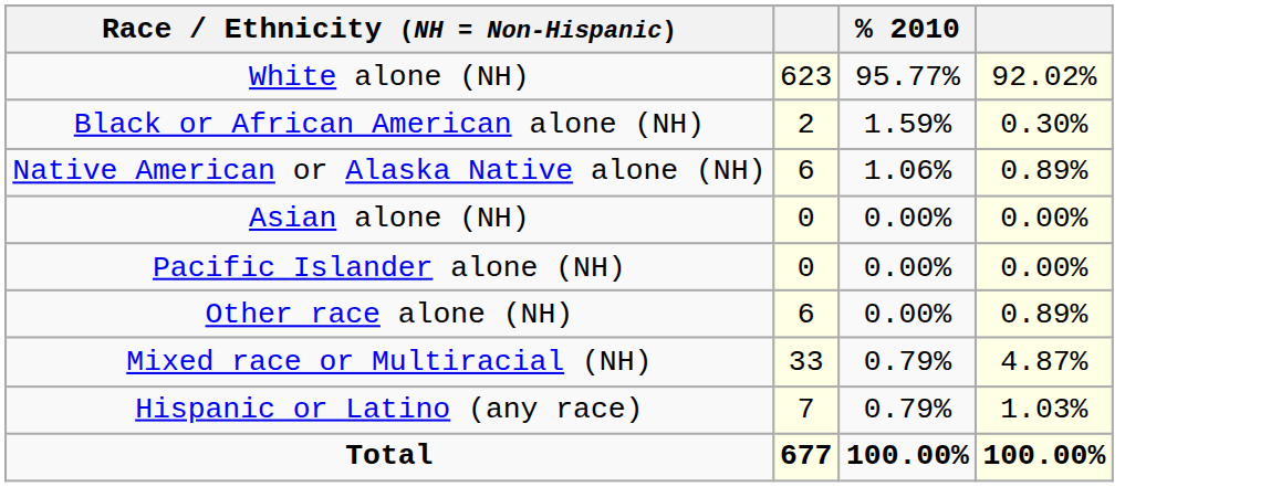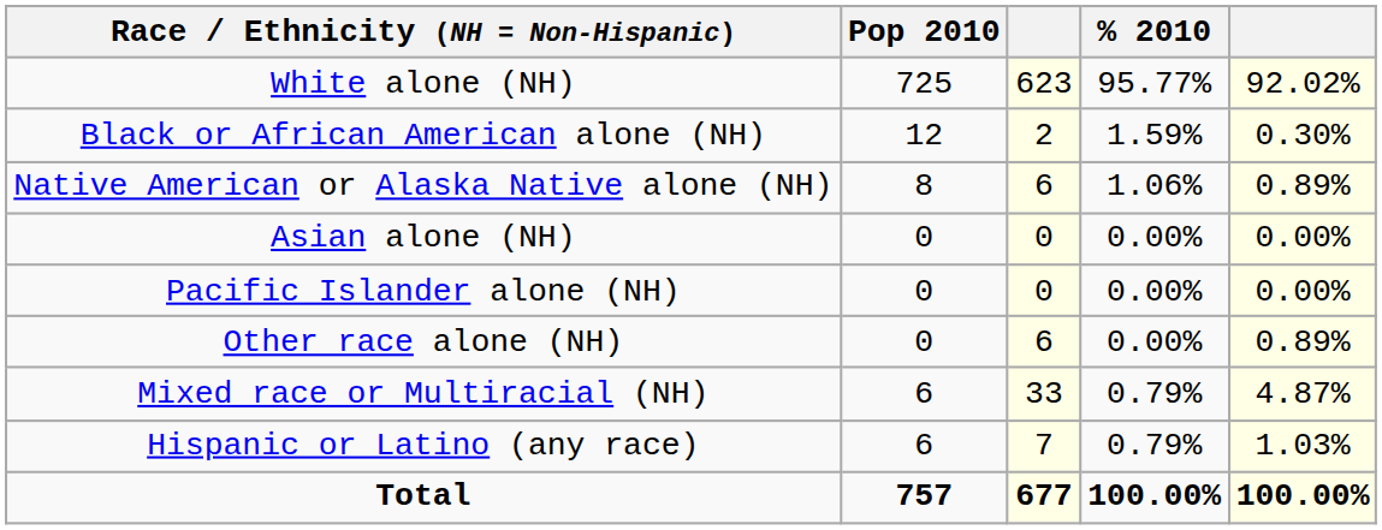 <table class="wikitable" style="text-align:center;">
 <tr>
 <th>Race / Ethnicity <small>(<em>NH = Non-Hispanic</em>)</small></th>
+<th>Pop 2010</th>
 <th></th>
 <th>% 2010</th>
 <th></th>
 </tr>
 <tr>
 <td><a href='#'>White</a> alone (NH)</td>
+<td>725</td>
 <td style='background: #ffffe6;'>623</td>
 <td>95.77%</td>
 <td style='background: #ffffe6;'>92.02%</td>
 </tr>
 <tr>
 <td><a href='#'>Black or African American</a> alone (NH)</td>
+<td>12</td>
 <td style='background: #ffffe6;'>2</td>
 <td>1.59%</td>
 <td style='background: #ffffe6;'>0.30%</td>
 </tr>
 <tr>
 <td><a href='#'>Native American</a> or <a href='#'>Alaska Native</a> alone (NH)</td>
+<td>8</td>
 <td style='background: #ffffe6;'>6</td>
 <td>1.06%</td>
 <td style='background: #ffffe6;'>0.89%</td>
 </tr>
 <tr>
 <td><a href='#'>Asian</a> alone (NH)</td>
+<td>0</td>
 <td style='background: #ffffe6;'>0</td>
 <td>0.00%</td>
 <td style='background: #ffffe6;'>0.00%</td>
 </tr>
 <tr>
 <td><a href='#'>Pacific Islander</a> alone (NH)</td>
+<td>0</td>
 <td style='background: #ffffe6;'>0</td>
 <td>0.00%</td>
 <td style='background: #ffffe6;'>0.00%</td>
 </tr>
 <tr>
 <td><a href='#'>Other race</a> alone (NH)</td>
+<td>0</td>
 <td style='background: #ffffe6;'>6</td>
 <td>0.00%</td>
 <td style='background: #ffffe6;'>0.89%</td>
 </tr>
 <tr>
 <td><a href='#'>Mixed race or Multiracial</a> (NH)</td>
+<td>6</td>
 <td style='background: #ffffe6;'>33</td>
 <td>0.79%</td>
 <td style='background: #ffffe6;'>4.87%</td>
 </tr>
 <tr>
 <td><a href='#'>Hispanic or Latino</a> (any race)</td>
+<td>6</td>
 <td style='background: #ffffe6;'>7</td>
 <td>0.79%</td>
 <td style='background: #ffffe6;'>1.03%</td>
 </tr>
 <tr>
 <td><strong>Total</strong></td>
+<td><strong>757</strong></td>
 <td style='background: #ffffe6;'><strong>677</strong></td>
 <td><strong>100.00%</strong></td>
 <td style='background: #ffffe6;'><strong>100.00%</strong></td>
 </tr>
 </table>
